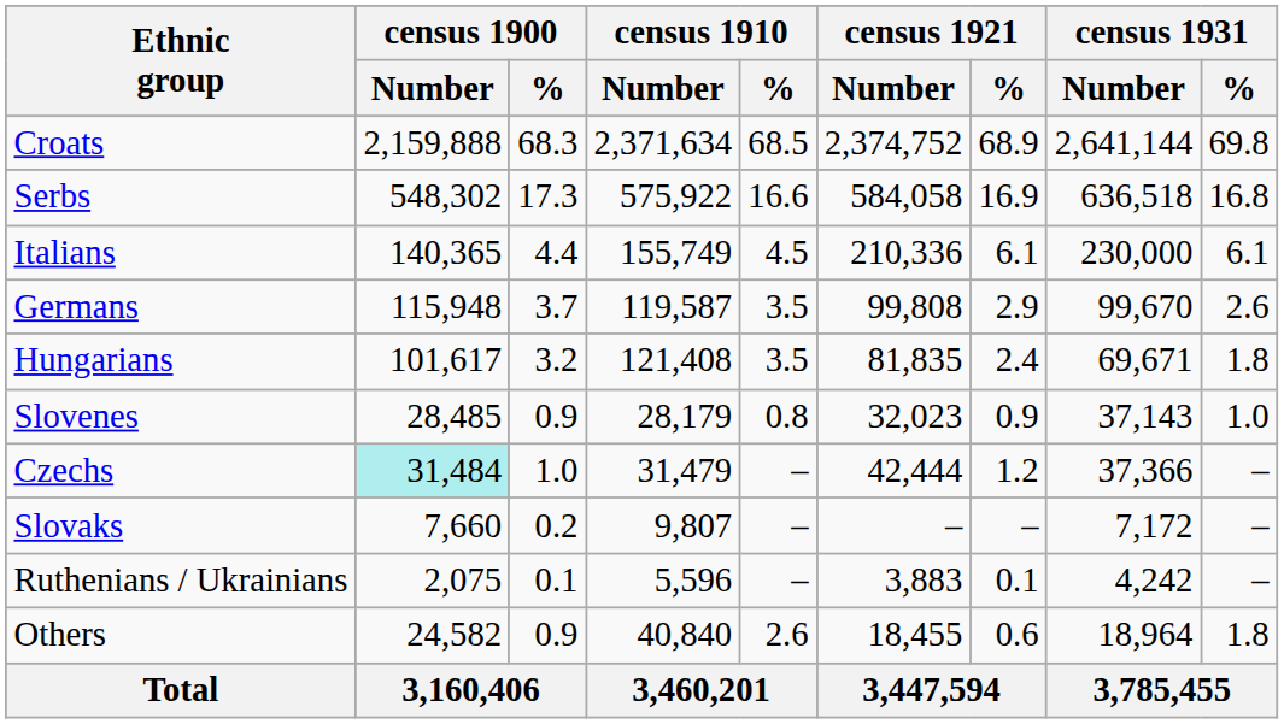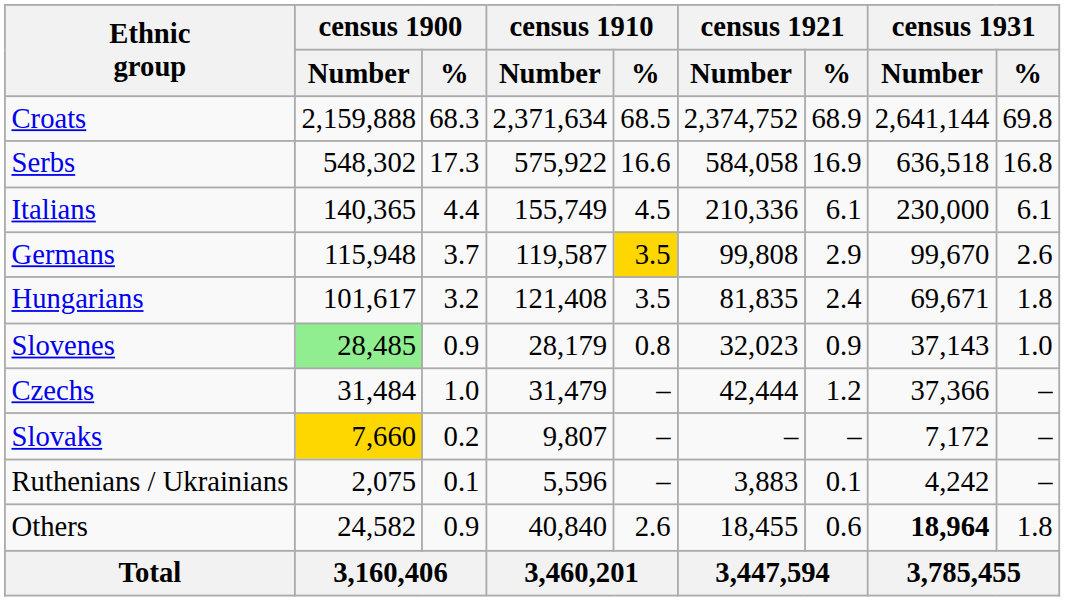 <table class="wikitable">
 <tr bgcolor="#e0e0e0">
 <th rowspan="2">Ethnic<br>group</th>
 <th colspan="2">census 1900</th>
 <th colspan="2">census 1910</th>
 <th colspan="2">census 1921</th>
 <th colspan="2">census 1931</th>
 </tr>
 <tr bgcolor="#e0e0e0">
 <th>Number</th>
 <th>%</th>
 <th>Number</th>
 <th>%</th>
 <th>Number</th>
 <th>%</th>
 <th>Number</th>
 <th>%</th>
 </tr>
 <tr>
 <td><a href='#'>Croats</a></td>
 <td align="right">2,159,888</td>
 <td align="right">68.3</td>
 <td align="right">2,371,634</td>
 <td align="right">68.5</td>
 <td align="right">2,374,752</td>
 <td align="right">68.9</td>
 <td align="right">2,641,144</td>
 <td align="right">69.8</td>
 </tr>
 <tr>
 <td><a href='#'>Serbs</a></td>
 <td align="right">548,302</td>
 <td align="right">17.3</td>
 <td align="right">575,922</td>
 <td align="right">16.6</td>
 <td align="right">584,058</td>
 <td align="right">16.9</td>
 <td align="right">636,518</td>
 <td align="right">16.8</td>
 </tr>
 <tr>
 <td><a href='#'>Italians</a></td>
 <td align="right">140,365</td>
 <td align="right">4.4</td>
 <td align="right">155,749</td>
 <td align="right">4.5</td>
 <td align="right">210,336</td>
 <td align="right">6.1</td>
 <td align="right">230,000</td>
 <td align="right">6.1</td>
 </tr>
 <tr>
 <td><a href='#'>Germans</a></td>
 <td align="right">115,948</td>
 <td align="right">3.7</td>
 <td align="right">119,587</td>
-<td align="right">3.5</td>
+<td align="right" style="background: gold;">3.5</td>
 <td align="right">99,808</td>
 <td align="right">2.9</td>
 <td align="right">99,670</td>
 <td align="right">2.6</td>
 </tr>
 <tr>
 <td><a href='#'>Hungarians</a></td>
 <td align="right">101,617</td>
 <td align="right">3.2</td>
 <td align="right">121,408</td>
 <td align="right">3.5</td>
 <td align="right">81,835</td>
 <td align="right">2.4</td>
 <td align="right">69,671</td>
 <td align="right">1.8</td>
 </tr>
 <tr>
 <td><a href='#'>Slovenes</a></td>
-<td align="right">28,485</td>
+<td align="right" style="background: lightgreen;">28,485</td>
 <td align="right">0.9</td>
 <td align="right">28,179</td>
 <td align="right">0.8</td>
 <td align="right">32,023</td>
 <td align="right">0.9</td>
 <td align="right">37,143</td>
 <td align="right">1.0</td>
 </tr>
 <tr>
 <td><a href='#'>Czechs</a></td>
-<td align="right" style="background: paleturquoise;">31,484</td>
+<td align="right">31,484</td>
 <td align="right">1.0</td>
 <td align="right">31,479</td>
 <td align="right">–</td>
 <td align="right">42,444</td>
 <td align="right">1.2</td>
 <td align="right">37,366</td>
 <td align="right">–</td>
 </tr>
 <tr>
 <td><a href='#'>Slovaks</a></td>
-<td align="right">7,660</td>
+<td align="right" style="background: gold;">7,660</td>
 <td align="right">0.2</td>
 <td align="right">9,807</td>
 <td align="right">–</td>
 <td align="right">–</td>
 <td align="right">–</td>
 <td align="right">7,172</td>
 <td align="right">–</td>
 </tr>
 <tr>
 <td>Ruthenians / Ukrainians<br></td>
 <td align="right">2,075</td>
 <td align="right">0.1</td>
 <td align="right">5,596</td>
 <td align="right">–</td>
 <td align="right">3,883</td>
 <td align="right">0.1</td>
 <td align="right">4,242</td>
 <td align="right">–</td>
 </tr>
 <tr>
 <td>Others</td>
 <td align="right">24,582</td>
 <td align="right">0.9</td>
 <td align="right">40,840</td>
 <td align="right">2.6</td>
 <td align="right">18,455</td>
 <td align="right">0.6</td>
-<td align="right">18,964</td>
+<td align="right"><strong>18,964</strong></td>
 <td align="right">1.8</td>
 </tr>
 <tr bgcolor="#e0e0e0">
 <th align="left">Total</th>
 <th colspan="2">3,160,406</th>
 <th colspan="2">3,460,201</th>
 <th colspan="2">3,447,594</th>
 <th colspan="2">3,785,455</th>
 </tr>
 </table>
